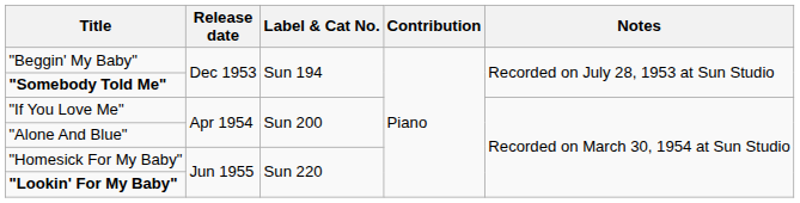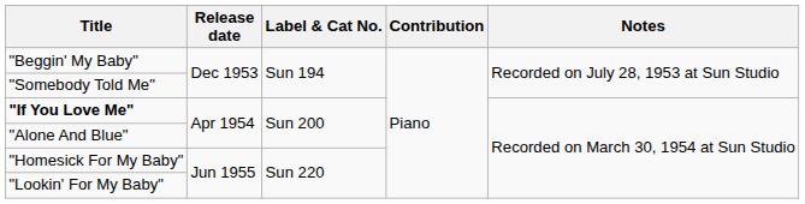 <table class="wikitable">
 <tr>
 <th>Title</th>
 <th>Release<br>date</th>
 <th>Label & Cat No.</th>
 <th>Contribution</th>
 <th>Notes</th>
 </tr>
 <tr>
 <td>"Beggin' My Baby"</td>
 <td rowspan="2">Dec 1953</td>
 <td rowspan="2">Sun 194</td>
 <td rowspan="6">Piano</td>
 <td rowspan="2">Recorded on July 28, 1953 at Sun Studio</td>
 </tr>
 <tr>
-<td><strong>"Somebody Told Me"</strong></td>
+<td>"Somebody Told Me"</td>
 </tr>
 <tr>
-<td>"If You Love Me"</td>
+<td><strong>"If You Love Me"</strong></td>
 <td rowspan="2">Apr 1954</td>
 <td rowspan="2">Sun 200</td>
 <td rowspan="4">Recorded on March 30, 1954 at Sun Studio</td>
 </tr>
 <tr>
 <td>"Alone And Blue"</td>
 </tr>
 <tr>
 <td>"Homesick For My Baby"</td>
 <td rowspan="2">Jun 1955</td>
 <td rowspan="2">Sun 220</td>
 </tr>
 <tr>
-<td><strong>"Lookin' For My Baby"</strong></td>
+<td>"Lookin' For My Baby"</td>
 </tr>
 </table>
